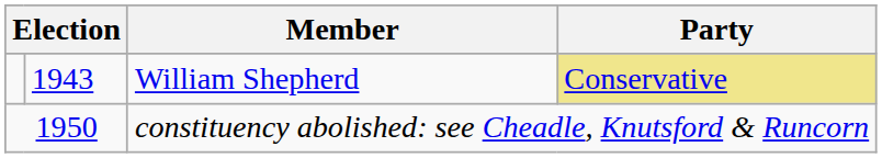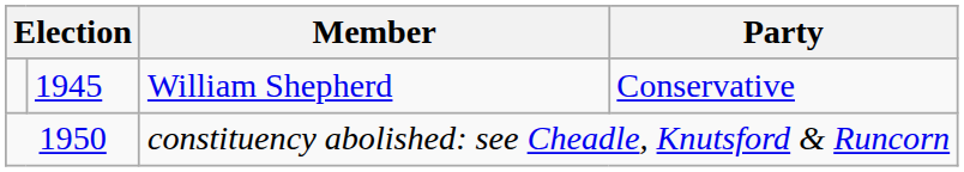 <table class="wikitable">
 <tr>
 <th colspan="2">Election</th>
 <th>Member</th>
 <th>Party</th>
 </tr>
 <tr>
 <td style="color:inherit;background-color: "></td>
-<td><a href='#'>1943</a></td>
+<td><a href='#'>1945</a></td>
 <td><a href='#'>William Shepherd</a></td>
-<td style="background: khaki;"><a href='#'>Conservative</a></td>
+<td><a href='#'>Conservative</a></td>
 </tr>
 <tr>
 <td colspan="2" align="center"><a href='#'>1950</a></td>
 <td colspan="2"><em>constituency abolished: see <a href='#'>Cheadle</a>, <a href='#'>Knutsford</a> & <a href='#'>Runcorn</a></em></td>
 </tr>
 </table>
